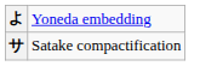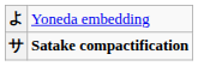 <table class="wikitable">
 <tr>
 <th>よ</th>
 <td><a href='#'>Yoneda embedding</a></td>
 </tr>
 <tr>
 <th>サ</th>
-<td>Satake compactification</td>
+<td><strong>Satake compactification</strong></td>
 </tr>
 </table>
